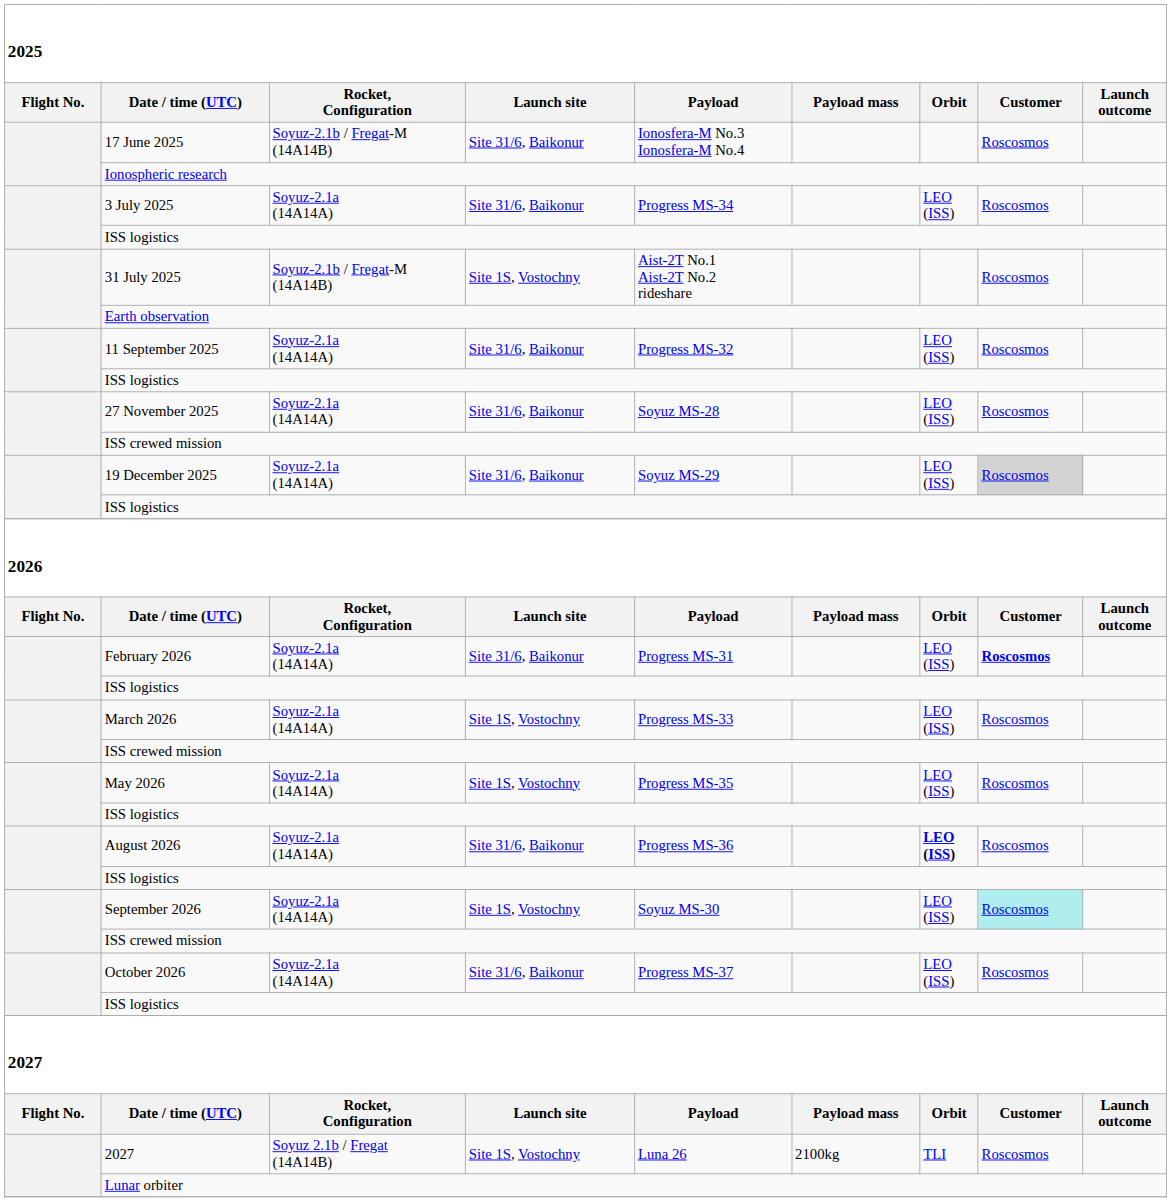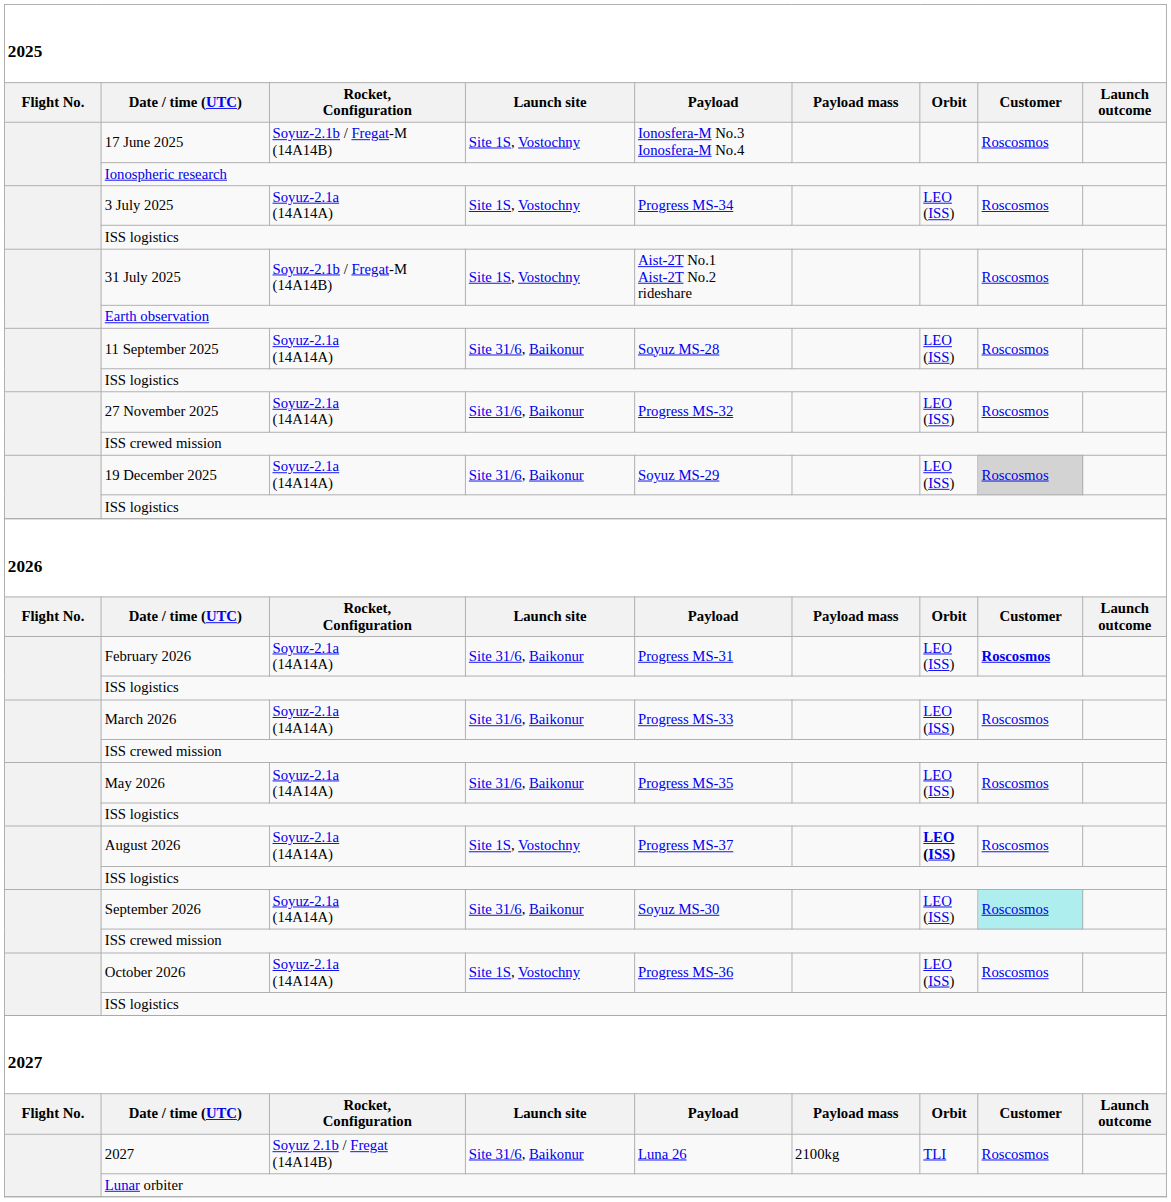 <table class="wikitable" width="100%">
 <tr>
 <td colspan=9 style="background:white;"><br><h3>2025</h3></td>
 </tr>
 <tr>
 <th scope="col">Flight No.</th>
 <th scope="col">Date / time (<a href='#'>UTC</a>)</th>
 <th scope="col">Rocket,<br>Configuration</th>
 <th scope="col">Launch site</th>
 <th scope="col">Payload</th>
 <th scope="col">Payload mass</th>
 <th scope="col">Orbit</th>
 <th scope="col">Customer</th>
 <th scope="col">Launch<br>outcome</th>
 </tr>
 <tr>
 <th scope="row" rowspan=2 style="text-align:center;"></th>
 <td>17 June 2025</td>
 <td><a href='#'>Soyuz-2.1b</a> / <a href='#'>Fregat</a>-M<br>(14A14B)</td>
-<td><a href='#'>Site 31/6</a>, <a href='#'>Baikonur</a></td>
+<td><a href='#'>Site 1S</a>, <a href='#'>Vostochny</a></td>
 <td><a href='#'>Ionosfera-M</a> No.3<br><a href='#'>Ionosfera-M</a> No.4</td>
 <td></td>
 <td></td>
 <td><a href='#'>Roscosmos</a></td>
 <td></td>
 </tr>
 <tr>
 <td colspan="8"><a href='#'>Ionospheric research</a></td>
 </tr>
 <tr>
 <th scope="row" rowspan=2 style="text-align:center;"></th>
 <td>3 July 2025</td>
 <td><a href='#'>Soyuz-2.1a</a><br>(14A14A)</td>
-<td><a href='#'>Site 31/6</a>, <a href='#'>Baikonur</a></td>
+<td><a href='#'>Site 1S</a>, <a href='#'>Vostochny</a></td>
 <td><a href='#'>Progress MS-34</a></td>
 <td></td>
 <td><a href='#'>LEO</a><br>(<a href='#'>ISS</a>)</td>
 <td><a href='#'>Roscosmos</a></td>
 <td></td>
 </tr>
 <tr>
 <td colspan="8">ISS logistics</td>
 </tr>
 <tr>
 <th scope="row" rowspan=2 style="text-align:center;"></th>
 <td>31 July 2025</td>
 <td><a href='#'>Soyuz-2.1b</a> / <a href='#'>Fregat</a>-M<br>(14A14B)</td>
 <td><a href='#'>Site 1S</a>, <a href='#'>Vostochny</a></td>
 <td><a href='#'>Aist-2T</a> No.1<br><a href='#'>Aist-2T</a> No.2<br>rideshare</td>
 <td></td>
 <td></td>
 <td><a href='#'>Roscosmos</a></td>
 <td></td>
 </tr>
 <tr>
 <td colspan="8"><a href='#'>Earth observation</a></td>
 </tr>
 <tr>
 <th scope="row" rowspan=2 style="text-align:center;"></th>
 <td>11 September 2025</td>
 <td><a href='#'>Soyuz-2.1a</a><br>(14A14A)</td>
 <td><a href='#'>Site 31/6</a>, <a href='#'>Baikonur</a></td>
-<td><a href='#'>Progress MS-32</a></td>
+<td><a href='#'>Soyuz MS-28</a></td>
 <td></td>
 <td><a href='#'>LEO</a><br>(<a href='#'>ISS</a>)</td>
 <td><a href='#'>Roscosmos</a></td>
 <td></td>
 </tr>
 <tr>
 <td colspan="8">ISS logistics</td>
 </tr>
 <tr>
 <th scope="row" rowspan=2 style="text-align:center;"></th>
 <td>27 November 2025</td>
 <td><a href='#'>Soyuz-2.1a</a><br>(14A14A)</td>
 <td><a href='#'>Site 31/6</a>, <a href='#'>Baikonur</a></td>
-<td><a href='#'>Soyuz MS-28</a></td>
+<td><a href='#'>Progress MS-32</a></td>
 <td></td>
 <td><a href='#'>LEO</a><br>(<a href='#'>ISS</a>)</td>
 <td><a href='#'>Roscosmos</a></td>
 <td></td>
 </tr>
 <tr>
 <td colspan="8">ISS crewed mission</td>
 </tr>
 <tr>
 <th scope="row" rowspan=2 style="text-align:center;"></th>
 <td>19 December 2025</td>
 <td><a href='#'>Soyuz-2.1a</a><br>(14A14A)</td>
 <td><a href='#'>Site 31/6</a>, <a href='#'>Baikonur</a></td>
 <td><a href='#'>Soyuz MS-29</a></td>
 <td></td>
 <td><a href='#'>LEO</a><br>(<a href='#'>ISS</a>)</td>
 <td style="background: lightgrey;"><a href='#'>Roscosmos</a></td>
 <td></td>
 </tr>
 <tr>
 <td colspan="8">ISS logistics</td>
 </tr>
 <tr>
 </tr>
 <tr>
 <td colspan=9 style="background:white;"><br><h3>2026</h3></td>
 </tr>
 <tr>
 <th scope="col">Flight No.</th>
 <th scope="col">Date / time (<a href='#'>UTC</a>)</th>
 <th scope="col">Rocket,<br>Configuration</th>
 <th scope="col">Launch site</th>
 <th scope="col">Payload</th>
 <th scope="col">Payload mass</th>
 <th scope="col">Orbit</th>
 <th scope="col">Customer</th>
 <th scope="col">Launch<br>outcome</th>
 </tr>
 <tr>
 <th scope="row" rowspan=2 style="text-align:center;"></th>
 <td>February 2026</td>
 <td><a href='#'>Soyuz-2.1a</a><br>(14A14A)</td>
 <td><a href='#'>Site 31/6</a>, <a href='#'>Baikonur</a></td>
 <td><a href='#'>Progress MS-31</a></td>
 <td></td>
 <td><a href='#'>LEO</a><br>(<a href='#'>ISS</a>)</td>
 <td><strong><a href='#'>Roscosmos</a></strong></td>
 <td></td>
 </tr>
 <tr>
 <td colspan="8">ISS logistics</td>
 </tr>
 <tr>
 <th scope="row" rowspan=2 style="text-align:center;"></th>
 <td>March 2026</td>
 <td><a href='#'>Soyuz-2.1a</a><br>(14A14A)</td>
-<td><a href='#'>Site 1S</a>, <a href='#'>Vostochny</a></td>
+<td><a href='#'>Site 31/6</a>, <a href='#'>Baikonur</a></td>
 <td><a href='#'>Progress MS-33</a></td>
 <td></td>
 <td><a href='#'>LEO</a><br>(<a href='#'>ISS</a>)</td>
 <td><a href='#'>Roscosmos</a></td>
 <td></td>
 </tr>
 <tr>
 <td colspan="8">ISS crewed mission</td>
 </tr>
 <tr>
 <th scope="row" rowspan=2 style="text-align:center;"></th>
 <td>May 2026</td>
 <td><a href='#'>Soyuz-2.1a</a><br>(14A14A)</td>
-<td><a href='#'>Site 1S</a>, <a href='#'>Vostochny</a></td>
+<td><a href='#'>Site 31/6</a>, <a href='#'>Baikonur</a></td>
 <td><a href='#'>Progress MS-35</a></td>
 <td></td>
 <td><a href='#'>LEO</a><br>(<a href='#'>ISS</a>)</td>
 <td><a href='#'>Roscosmos</a></td>
 <td></td>
 </tr>
 <tr>
 <td colspan="8">ISS logistics</td>
 </tr>
 <tr>
 <th scope="row" rowspan=2 style="text-align:center;"></th>
 <td>August 2026</td>
 <td><a href='#'>Soyuz-2.1a</a><br>(14A14A)</td>
-<td><a href='#'>Site 31/6</a>, <a href='#'>Baikonur</a></td>
-<td><a href='#'>Progress MS-36</a></td>
+<td><a href='#'>Site 1S</a>, <a href='#'>Vostochny</a></td>
+<td><a href='#'>Progress MS-37</a></td>
 <td></td>
 <td><strong><a href='#'>LEO</a><br>(<a href='#'>ISS</a>)</strong></td>
 <td><a href='#'>Roscosmos</a></td>
 <td></td>
 </tr>
 <tr>
 <td colspan="8">ISS logistics</td>
 </tr>
 <tr>
 <th scope="row" rowspan=2 style="text-align:center;"></th>
 <td>September 2026</td>
 <td><a href='#'>Soyuz-2.1a</a><br>(14A14A)</td>
-<td><a href='#'>Site 1S</a>, <a href='#'>Vostochny</a></td>
+<td><a href='#'>Site 31/6</a>, <a href='#'>Baikonur</a></td>
 <td><a href='#'>Soyuz MS-30</a></td>
 <td></td>
 <td><a href='#'>LEO</a><br>(<a href='#'>ISS</a>)</td>
 <td style="background: paleturquoise;"><a href='#'>Roscosmos</a></td>
 <td></td>
 </tr>
 <tr>
 <td colspan="8">ISS crewed mission</td>
 </tr>
 <tr>
 <th scope="row" rowspan=2 style="text-align:center;"></th>
 <td>October 2026</td>
 <td><a href='#'>Soyuz-2.1a</a><br>(14A14A)</td>
-<td><a href='#'>Site 31/6</a>, <a href='#'>Baikonur</a></td>
-<td><a href='#'>Progress MS-37</a></td>
+<td><a href='#'>Site 1S</a>, <a href='#'>Vostochny</a></td>
+<td><a href='#'>Progress MS-36</a></td>
 <td></td>
 <td><a href='#'>LEO</a><br>(<a href='#'>ISS</a>)</td>
 <td><a href='#'>Roscosmos</a></td>
 <td></td>
 </tr>
 <tr>
 <td colspan="8">ISS logistics</td>
 </tr>
 <tr>
 </tr>
 <tr>
 <td colspan=9 style="background:white;"><br><h3>2027</h3></td>
 </tr>
 <tr>
 <th scope="col">Flight No.</th>
 <th scope="col">Date / time (<a href='#'>UTC</a>)</th>
 <th scope="col">Rocket,<br>Configuration</th>
 <th scope="col">Launch site</th>
 <th scope="col">Payload</th>
 <th scope="col">Payload mass</th>
 <th scope="col">Orbit</th>
 <th scope="col">Customer</th>
 <th scope="col">Launch<br>outcome</th>
 </tr>
 <tr>
 <th scope="row" rowspan=2 style="text-align:center;"></th>
 <td>2027</td>
 <td><a href='#'>Soyuz 2.1b</a> / <a href='#'>Fregat</a><br>(14A14B)</td>
-<td><a href='#'>Site 1S</a>, <a href='#'>Vostochny</a></td>
+<td><a href='#'>Site 31/6</a>, <a href='#'>Baikonur</a></td>
 <td><a href='#'>Luna 26</a></td>
 <td>2100kg</td>
 <td><a href='#'>TLI</a></td>
 <td><a href='#'>Roscosmos</a></td>
 <td></td>
 </tr>
 <tr>
 <td colspan="8"><a href='#'>Lunar</a> orbiter</td>
 </tr>
 <tr>
 </tr>
 </table>
